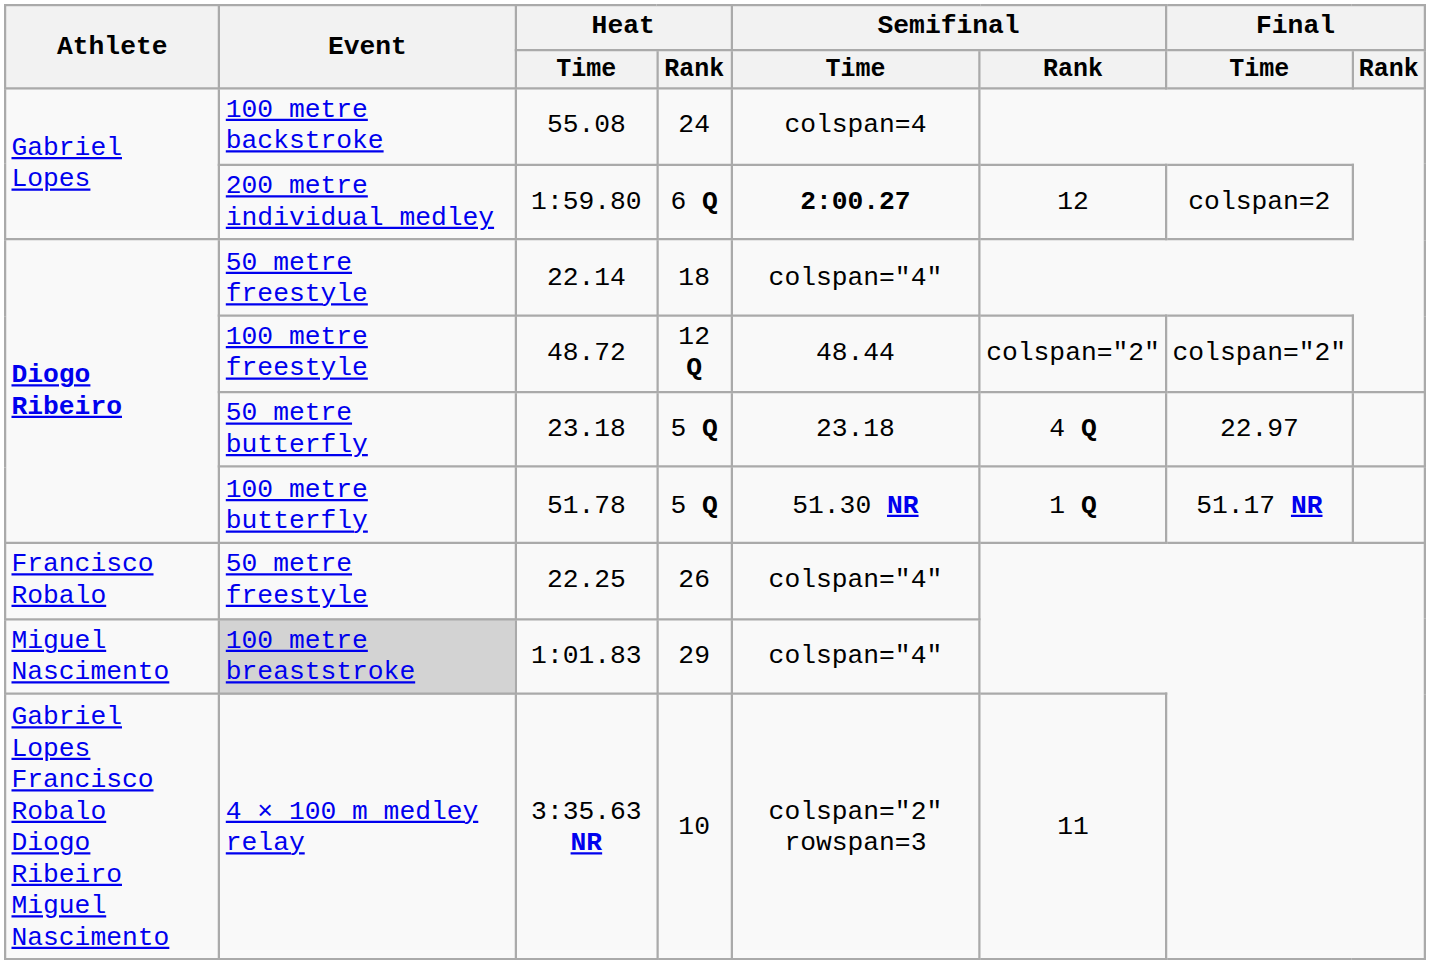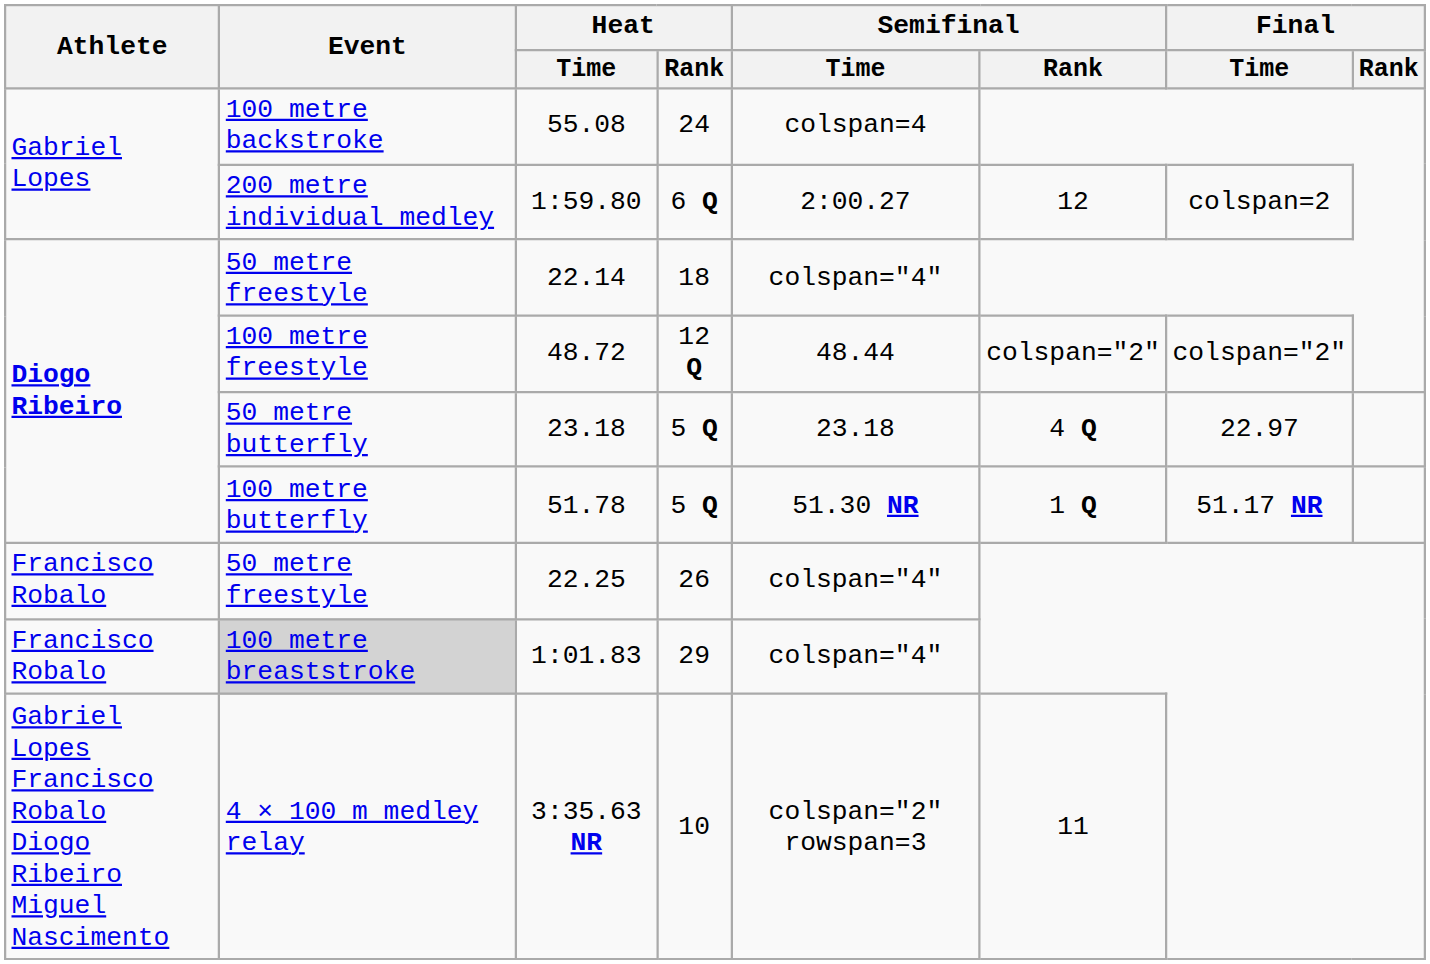 <table class="wikitable" style="text-align:center; font-size:90%; width:50%;">
 <tr>
 <th rowspan="2">Athlete</th>
 <th rowspan="2">Event</th>
 <th colspan="2">Heat</th>
 <th colspan="2">Semifinal</th>
 <th colspan="2">Final</th>
 </tr>
 <tr style="font-size:95%">
 <th>Time</th>
 <th>Rank</th>
 <th>Time</th>
 <th>Rank</th>
 <th>Time</th>
 <th>Rank</th>
 </tr>
 <tr align=center>
 <td align=left rowspan=2><a href='#'>Gabriel Lopes</a></td>
 <td align=left><a href='#'>100 metre backstroke</a></td>
 <td>55.08</td>
 <td>24</td>
 <td>colspan=4  </td>
 </tr>
 <tr align=center>
 <td align=left><a href='#'>200 metre individual medley</a></td>
 <td>1:59.80</td>
 <td>6 <strong>Q</strong></td>
-<td><strong>2:00.27</strong></td>
+<td>2:00.27</td>
 <td>12</td>
 <td>colspan=2  </td>
 </tr>
 <tr align=center>
 <td align=left rowspan=4><strong><a href='#'>Diogo Ribeiro</a></strong></td>
 <td align=left><a href='#'>50 metre freestyle</a></td>
 <td>22.14</td>
 <td>18</td>
 <td>colspan="4"  </td>
 </tr>
 <tr align=center>
 <td align=left><a href='#'>100 metre freestyle</a></td>
 <td>48.72</td>
 <td>12 <strong>Q</strong></td>
 <td>48.44</td>
 <td>colspan="2"  </td>
 <td>colspan="2"  </td>
 </tr>
 <tr align=center>
 <td align=left><a href='#'>50 metre butterfly</a></td>
 <td>23.18</td>
 <td>5 <strong>Q</strong></td>
 <td>23.18</td>
 <td>4 <strong>Q</strong></td>
 <td>22.97</td>
 <td></td>
 </tr>
 <tr align=center>
 <td align=left><a href='#'>100 metre butterfly</a></td>
 <td>51.78</td>
 <td>5 <strong>Q</strong></td>
 <td>51.30 <strong><a href='#'>NR</a></strong></td>
 <td>1 <strong>Q</strong></td>
 <td>51.17 <strong><a href='#'>NR</a></strong></td>
 <td></td>
 </tr>
 <tr align=center>
 <td align=left><a href='#'>Francisco Robalo</a></td>
 <td align=left><a href='#'>50 metre freestyle</a></td>
 <td>22.25</td>
 <td>26</td>
 <td>colspan="4"  </td>
 </tr>
 <tr align=center>
-<td align=left><a href='#'>Miguel Nascimento</a></td>
+<td align=left><a href='#'>Francisco Robalo</a></td>
 <td align=left style="background: lightgrey;"><a href='#'>100 metre breaststroke</a></td>
 <td>1:01.83</td>
 <td>29</td>
 <td>colspan="4"  </td>
 </tr>
 <tr align=center>
 <td align=left><a href='#'>Gabriel Lopes</a> <br><a href='#'>Francisco Robalo</a><br><a href='#'>Diogo Ribeiro</a><br><a href='#'>Miguel Nascimento</a></td>
 <td align=left><a href='#'>4 × 100 m medley relay</a></td>
 <td>3:35.63 <strong><a href='#'>NR</a></strong></td>
 <td>10</td>
 <td>colspan="2" rowspan=3 </td>
 <td>11</td>
 </tr>
 </table>
